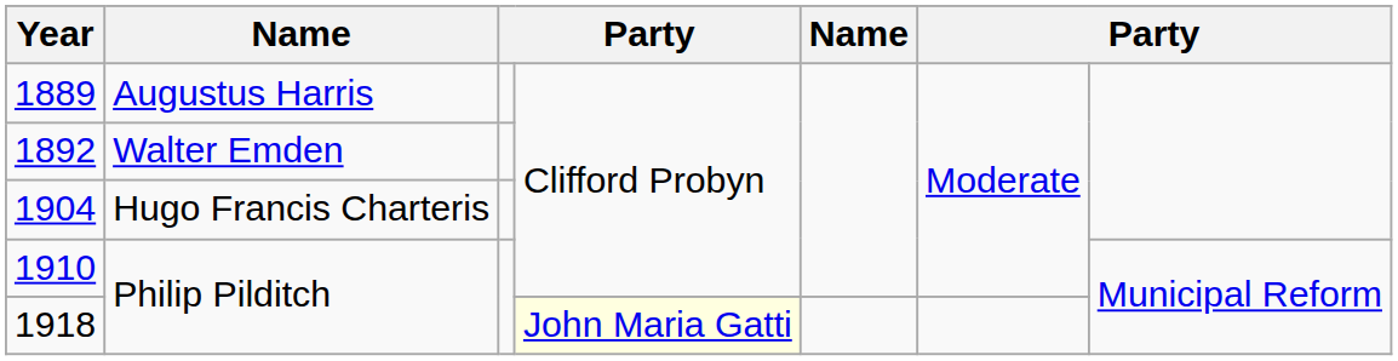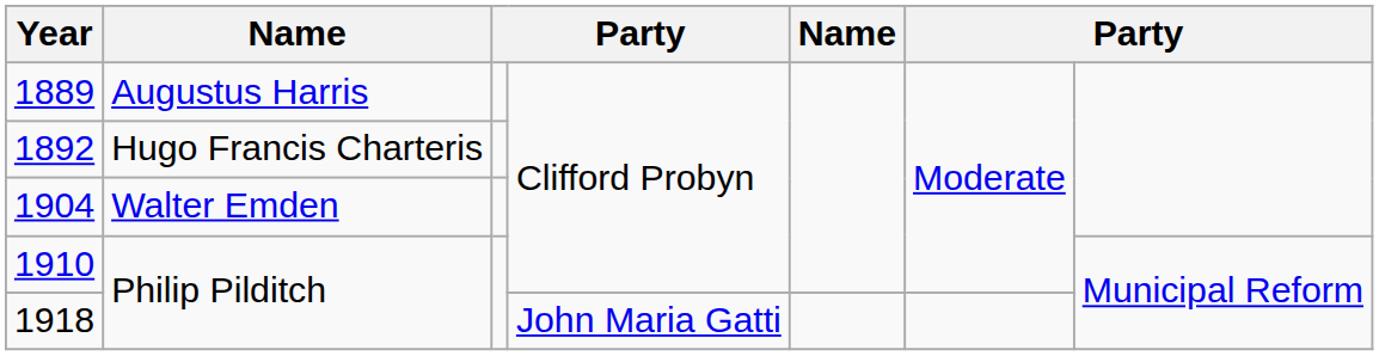 <table class="wikitable">
 <tr>
 <th>Year</th>
 <th>Name</th>
 <th colspan=2>Party</th>
 <th>Name</th>
 <th colspan=2>Party</th>
 </tr>
 <tr>
 <td><a href='#'>1889</a></td>
 <td><a href='#'>Augustus Harris</a></td>
 <td></td>
 <td rowspan=4>Clifford Probyn</td>
 <td rowspan=4 style="background-color: "></td>
 <td rowspan=4><a href='#'>Moderate</a></td>
 </tr>
 <tr>
 <td><a href='#'>1892</a></td>
-<td><a href='#'>Walter Emden</a></td>
+<td>Hugo Francis Charteris</td>
 <td></td>
 </tr>
 <tr>
 <td><a href='#'>1904</a></td>
-<td>Hugo Francis Charteris</td>
+<td><a href='#'>Walter Emden</a></td>
 <td></td>
 </tr>
 <tr>
 <td><a href='#'>1910</a></td>
 <td rowspan=2>Philip Pilditch</td>
 <td rowspan=2 style="background-color: "></td>
 <td rowspan=2><a href='#'>Municipal Reform</a></td>
 </tr>
 <tr>
 <td>1918</td>
-<td style="background: lightyellow;"><a href='#'>John Maria Gatti</a></td>
+<td><a href='#'>John Maria Gatti</a></td>
 <td></td>
 </tr>
 </table>
